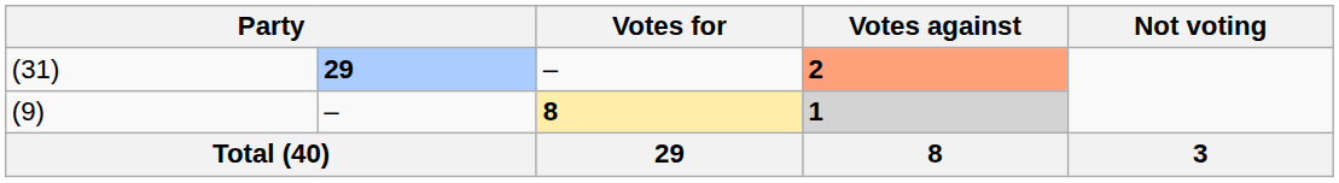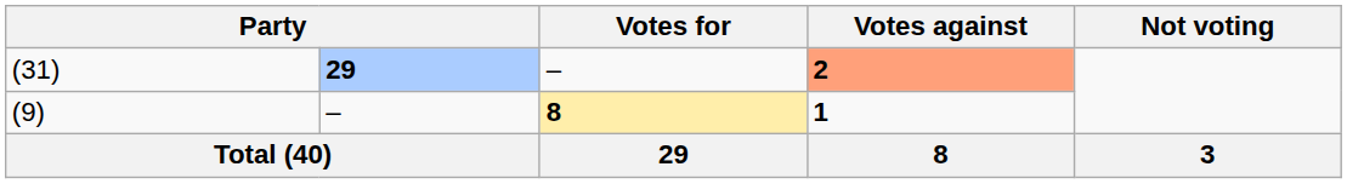 <table class="wikitable" style="width:50%">
 <tr>
 <th colspan="2">Party</th>
 <th style="width:20%;">Votes for</th>
 <th style="width:20%;">Votes against</th>
 <th style="width:20%;">Not voting</th>
 </tr>
 <tr>
 <td> (31)</td>
 <td style="background:#acf; color:#000;"><strong>29</strong></td>
 <td>–</td>
 <td style="background: lightsalmon;"><strong>2</strong></td>
 </tr>
 <tr>
 <td> (9)</td>
 <td>–</td>
 <td style="background:#fea; color:#000;"><strong>8</strong></td>
-<td style="background: lightgrey;"><strong>1</strong></td>
+<td><strong>1</strong></td>
 </tr>
 <tr>
 <th colspan="2">Total (40)</th>
 <th>29</th>
 <th>8</th>
 <th>3</th>
 </tr>
 </table>
